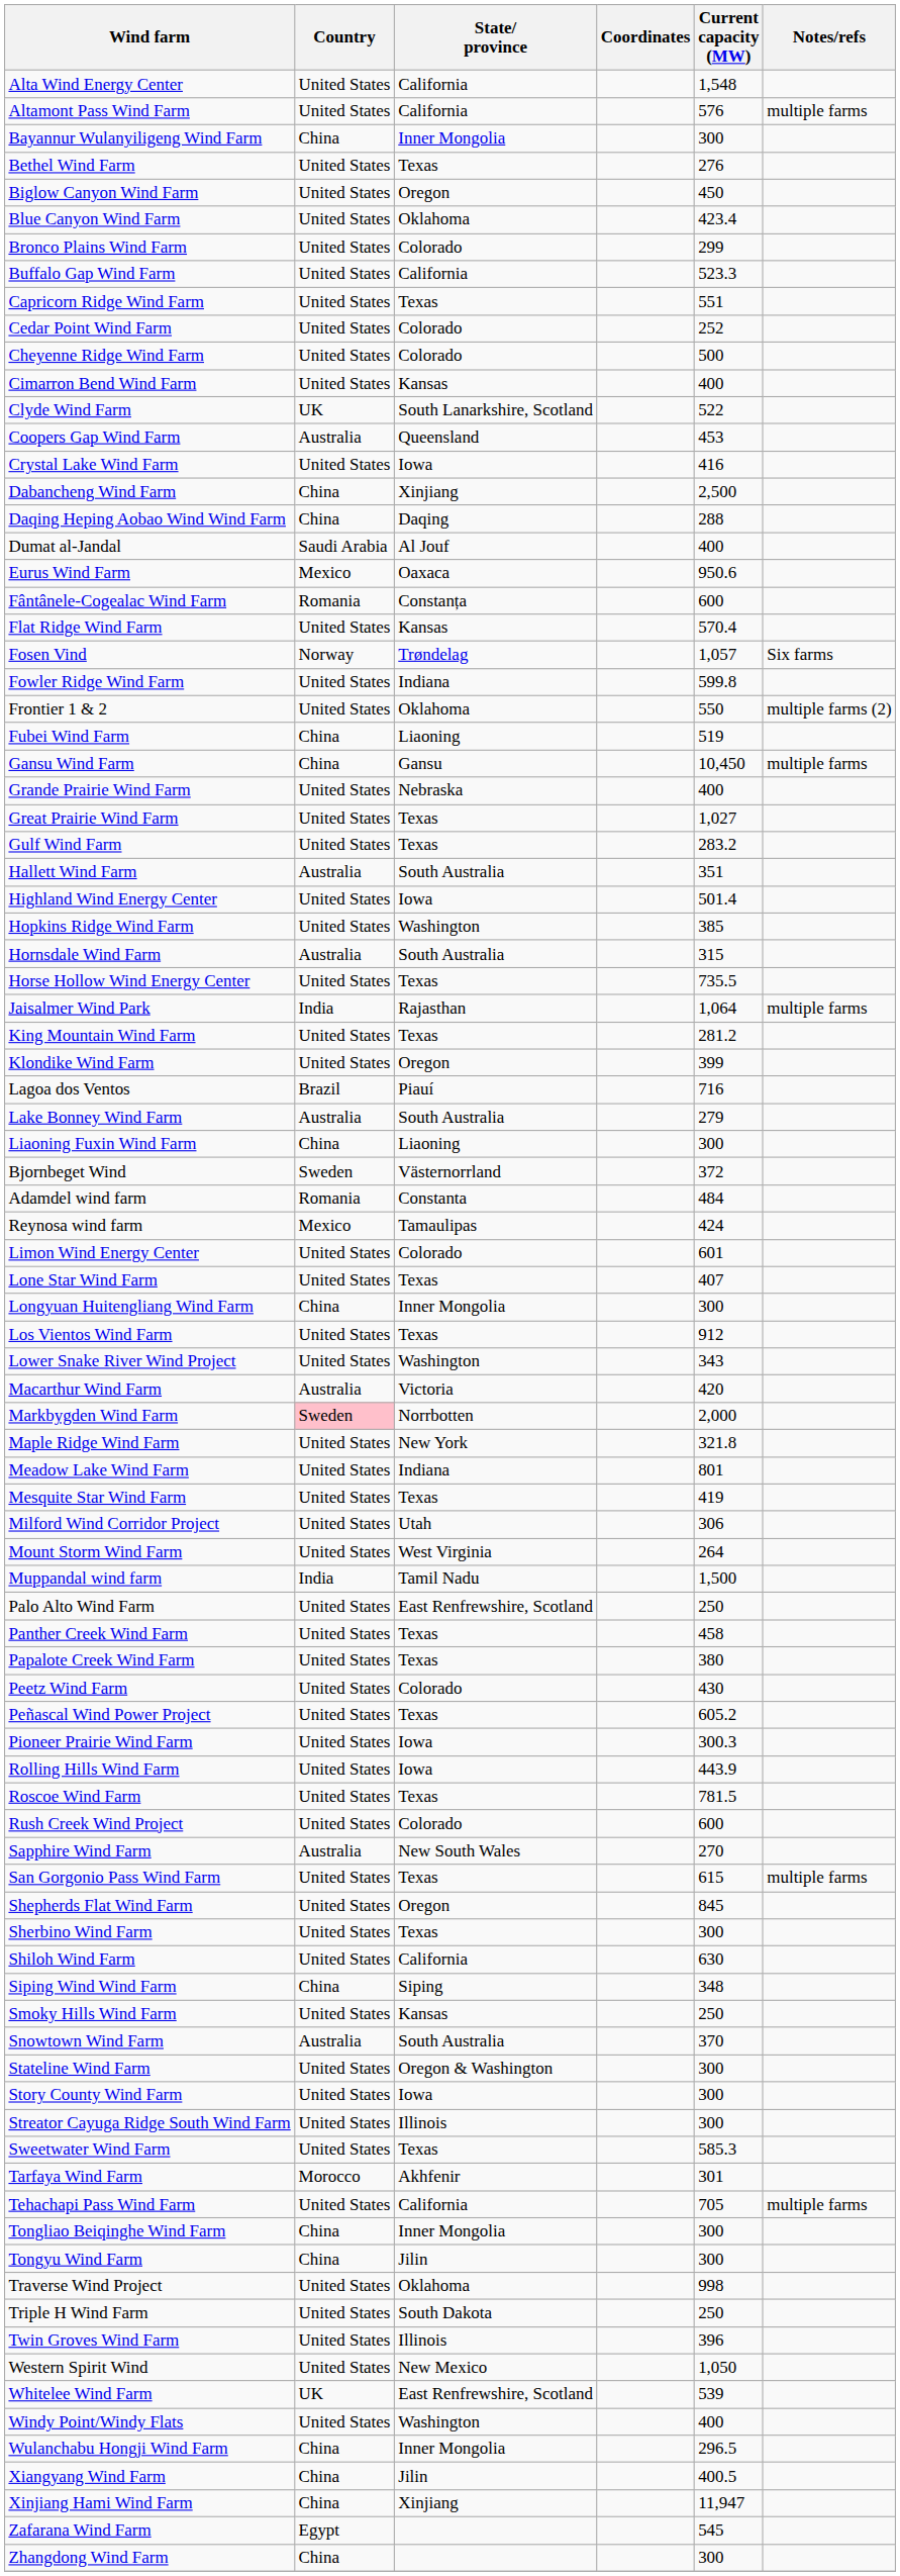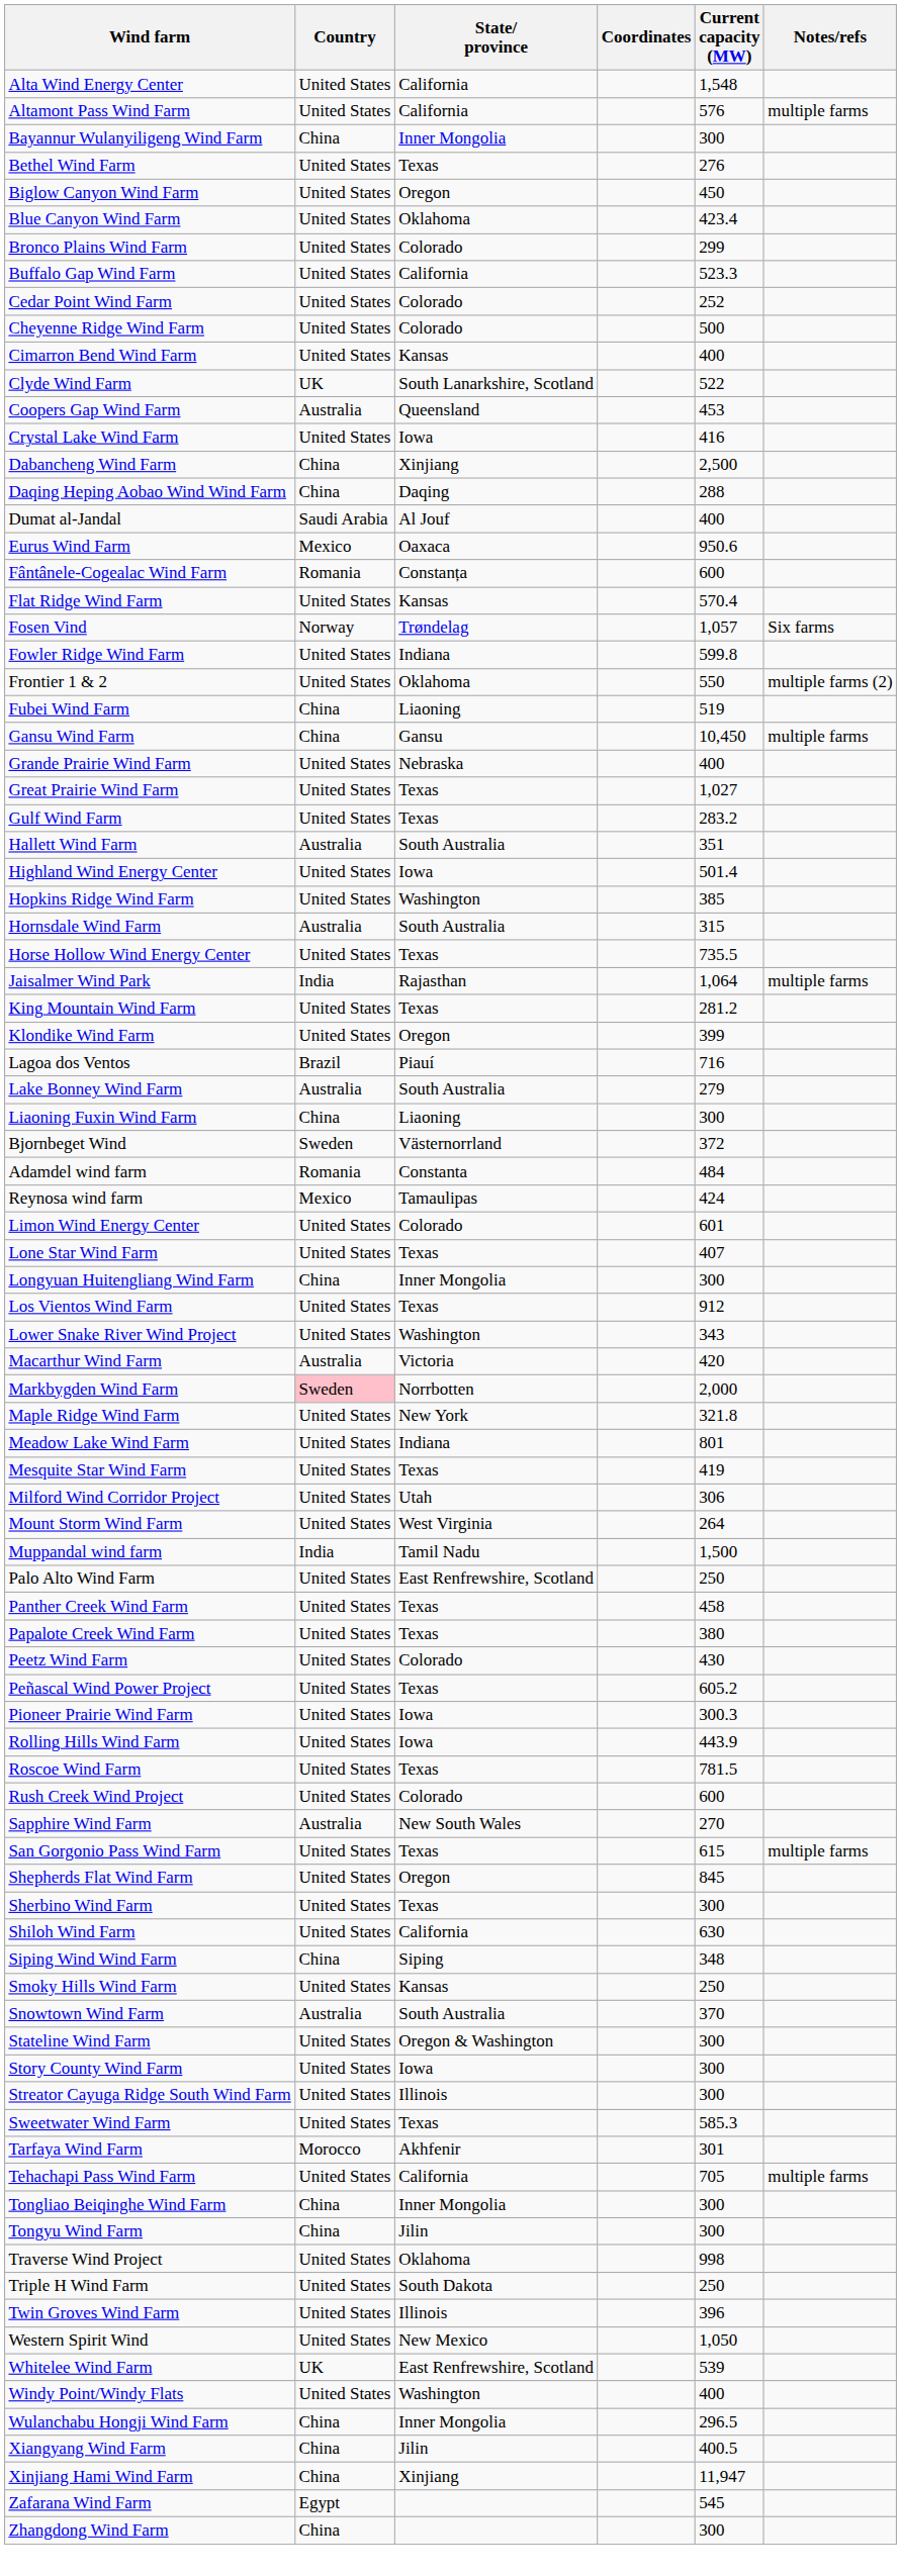 <table class="wikitable sortable">
 <tr>
 <th>Wind farm</th>
 <th>Country</th>
 <th>State/ <br> province</th>
 <th>Coordinates</th>
 <th data-sort-type="number">Current<br> capacity <br> (<a href='#'>MW</a>)</th>
 <th>Notes/refs<br> </th>
 </tr>
 <tr>
 <td><a href='#'>Alta Wind Energy Center</a></td>
 <td>United States</td>
 <td>California</td>
 <td></td>
 <td>1,548</td>
 <td></td>
 </tr>
 <tr>
 <td><a href='#'>Altamont Pass Wind Farm</a></td>
 <td>United States</td>
 <td>California</td>
 <td></td>
 <td>576</td>
 <td>multiple farms</td>
 </tr>
 <tr>
 <td><a href='#'>Bayannur Wulanyiligeng Wind Farm</a></td>
 <td>China</td>
 <td><a href='#'>Inner Mongolia</a></td>
 <td></td>
 <td>300</td>
 <td></td>
 </tr>
 <tr>
 <td><a href='#'>Bethel Wind Farm</a></td>
 <td>United States</td>
 <td>Texas</td>
 <td></td>
 <td>276</td>
 <td></td>
 </tr>
 <tr>
 <td><a href='#'>Biglow Canyon Wind Farm</a></td>
 <td>United States</td>
 <td>Oregon</td>
 <td></td>
 <td>450</td>
 <td></td>
 </tr>
 <tr>
 <td><a href='#'>Blue Canyon Wind Farm</a></td>
 <td>United States</td>
 <td>Oklahoma</td>
 <td></td>
 <td>423.4</td>
 <td></td>
 </tr>
 <tr>
 <td><a href='#'>Bronco Plains Wind Farm</a></td>
 <td>United States</td>
 <td>Colorado</td>
 <td></td>
 <td>299</td>
 <td></td>
 </tr>
 <tr>
 <td><a href='#'>Buffalo Gap Wind Farm</a></td>
 <td>United States</td>
 <td>California</td>
 <td></td>
 <td>523.3</td>
-<td></td>
-</tr>
-<tr>
-<td><a href='#'>Capricorn Ridge Wind Farm</a></td>
-<td>United States</td>
-<td>Texas</td>
-<td></td>
-<td>551</td>
 <td></td>
 </tr>
 <tr>
 <td><a href='#'>Cedar Point Wind Farm</a></td>
 <td>United States</td>
 <td>Colorado</td>
 <td></td>
 <td>252</td>
 <td></td>
 </tr>
 <tr>
 <td><a href='#'>Cheyenne Ridge Wind Farm</a></td>
 <td>United States</td>
 <td>Colorado</td>
 <td></td>
 <td>500</td>
 <td></td>
 </tr>
 <tr>
 <td><a href='#'>Cimarron Bend Wind Farm</a></td>
 <td>United States</td>
 <td>Kansas</td>
 <td></td>
 <td>400</td>
 <td></td>
 </tr>
 <tr>
 <td><a href='#'>Clyde Wind Farm</a></td>
 <td>UK</td>
 <td>South Lanarkshire, Scotland</td>
 <td></td>
 <td>522</td>
 <td></td>
 </tr>
 <tr>
 <td><a href='#'>Coopers Gap Wind Farm</a></td>
 <td>Australia</td>
 <td>Queensland</td>
 <td></td>
 <td>453</td>
 <td></td>
 </tr>
 <tr>
 <td><a href='#'>Crystal Lake Wind Farm</a></td>
 <td>United States</td>
 <td>Iowa</td>
 <td></td>
 <td>416</td>
 <td></td>
 </tr>
 <tr>
 <td><a href='#'>Dabancheng Wind Farm</a></td>
 <td>China</td>
 <td>Xinjiang</td>
 <td></td>
 <td>2,500</td>
 <td></td>
 </tr>
 <tr>
 <td><a href='#'>Daqing Heping Aobao Wind Wind Farm</a></td>
 <td>China</td>
 <td>Daqing</td>
 <td></td>
 <td>288</td>
 <td></td>
 </tr>
 <tr>
 <td>Dumat al-Jandal</td>
 <td>Saudi Arabia</td>
 <td>Al Jouf</td>
 <td></td>
 <td>400</td>
 <td></td>
 </tr>
 <tr>
 <td><a href='#'>Eurus Wind Farm</a></td>
 <td>Mexico</td>
 <td>Oaxaca</td>
 <td></td>
 <td>950.6</td>
 <td></td>
 </tr>
 <tr>
 <td><a href='#'>Fântânele-Cogealac Wind Farm</a></td>
 <td>Romania</td>
 <td>Constanța</td>
 <td></td>
 <td>600</td>
 <td></td>
 </tr>
 <tr>
 <td><a href='#'>Flat Ridge Wind Farm</a></td>
 <td>United States</td>
 <td>Kansas</td>
 <td></td>
 <td>570.4</td>
 <td></td>
 </tr>
 <tr>
 <td><a href='#'>Fosen Vind</a></td>
 <td>Norway</td>
 <td><a href='#'>Trøndelag</a></td>
 <td></td>
 <td>1,057</td>
 <td>Six farms</td>
 </tr>
 <tr>
 <td><a href='#'>Fowler Ridge Wind Farm</a></td>
 <td>United States</td>
 <td>Indiana</td>
 <td></td>
 <td>599.8</td>
 <td></td>
 </tr>
 <tr>
 <td>Frontier 1 & 2</td>
 <td>United States</td>
 <td>Oklahoma</td>
 <td></td>
 <td>550</td>
 <td>multiple farms (2)</td>
 </tr>
 <tr>
 <td><a href='#'>Fubei Wind Farm</a></td>
 <td>China</td>
 <td>Liaoning</td>
 <td></td>
 <td>519</td>
 <td><br></td>
 </tr>
 <tr>
 <td><a href='#'>Gansu Wind Farm</a></td>
 <td>China</td>
 <td>Gansu</td>
 <td></td>
 <td>10,450</td>
 <td>multiple farms </td>
 </tr>
 <tr>
 <td><a href='#'>Grande Prairie Wind Farm</a></td>
 <td>United States</td>
 <td>Nebraska</td>
 <td></td>
 <td>400</td>
 <td></td>
 </tr>
 <tr>
 <td><a href='#'>Great Prairie Wind Farm</a></td>
 <td>United States</td>
 <td>Texas</td>
 <td></td>
 <td>1,027</td>
 <td></td>
 </tr>
 <tr>
 <td><a href='#'>Gulf Wind Farm</a></td>
 <td>United States</td>
 <td>Texas</td>
 <td></td>
 <td>283.2</td>
 <td></td>
 </tr>
 <tr>
 <td><a href='#'>Hallett Wind Farm</a></td>
 <td>Australia</td>
 <td>South Australia</td>
 <td></td>
 <td>351</td>
 <td></td>
 </tr>
 <tr>
 <td><a href='#'>Highland Wind Energy Center</a></td>
 <td>United States</td>
 <td>Iowa</td>
 <td></td>
 <td>501.4</td>
 <td></td>
 </tr>
 <tr>
 <td><a href='#'>Hopkins Ridge Wind Farm</a></td>
 <td>United States</td>
 <td>Washington</td>
 <td></td>
 <td>385</td>
 <td></td>
 </tr>
 <tr>
 <td><a href='#'>Hornsdale Wind Farm</a></td>
 <td>Australia</td>
 <td>South Australia</td>
 <td></td>
 <td>315</td>
 <td></td>
 </tr>
 <tr>
 <td><a href='#'>Horse Hollow Wind Energy Center</a></td>
 <td>United States</td>
 <td>Texas</td>
 <td></td>
 <td>735.5</td>
 <td></td>
 </tr>
 <tr>
 <td><a href='#'>Jaisalmer Wind Park</a></td>
 <td>India</td>
 <td>Rajasthan</td>
 <td></td>
 <td>1,064</td>
 <td>multiple farms</td>
 </tr>
 <tr>
 <td><a href='#'>King Mountain Wind Farm</a></td>
 <td>United States</td>
 <td>Texas</td>
 <td></td>
 <td>281.2</td>
 <td></td>
 </tr>
 <tr>
 <td><a href='#'>Klondike Wind Farm</a></td>
 <td>United States</td>
 <td>Oregon</td>
 <td></td>
 <td>399</td>
 <td></td>
 </tr>
 <tr>
 <td>Lagoa dos Ventos</td>
 <td>Brazil</td>
 <td>Piauí</td>
 <td></td>
 <td>716</td>
 <td></td>
 </tr>
 <tr>
 <td><a href='#'>Lake Bonney Wind Farm</a></td>
 <td>Australia</td>
 <td>South Australia</td>
 <td></td>
 <td>279</td>
 <td></td>
 </tr>
 <tr>
 <td><a href='#'>Liaoning Fuxin Wind Farm</a></td>
 <td>China</td>
 <td>Liaoning</td>
 <td></td>
 <td>300</td>
 <td></td>
 </tr>
 <tr>
 <td>Bjornbeget Wind</td>
 <td>Sweden</td>
 <td>Västernorrland</td>
 <td></td>
 <td>372</td>
 <td></td>
 </tr>
 <tr>
 <td>Adamdel wind farm</td>
 <td>Romania</td>
 <td>Constanta</td>
 <td></td>
 <td>484</td>
 <td></td>
 </tr>
 <tr>
 <td>Reynosa wind farm</td>
 <td>Mexico</td>
 <td>Tamaulipas</td>
 <td></td>
 <td>424</td>
 <td></td>
 </tr>
 <tr>
 <td><a href='#'>Limon Wind Energy Center</a></td>
 <td>United States</td>
 <td>Colorado</td>
 <td></td>
 <td>601</td>
 <td></td>
 </tr>
 <tr>
 <td><a href='#'>Lone Star Wind Farm</a></td>
 <td>United States</td>
 <td>Texas</td>
 <td></td>
 <td>407</td>
 <td></td>
 </tr>
 <tr>
 <td><a href='#'>Longyuan Huitengliang Wind Farm</a></td>
 <td>China</td>
 <td>Inner Mongolia</td>
 <td></td>
 <td>300</td>
 <td></td>
 </tr>
 <tr>
 <td><a href='#'>Los Vientos Wind Farm</a></td>
 <td>United States</td>
 <td>Texas</td>
 <td></td>
 <td>912</td>
 <td></td>
 </tr>
 <tr>
 <td><a href='#'>Lower Snake River Wind Project</a></td>
 <td>United States</td>
 <td>Washington</td>
 <td></td>
 <td>343</td>
 <td></td>
 </tr>
 <tr>
 <td><a href='#'>Macarthur Wind Farm</a></td>
 <td>Australia</td>
 <td>Victoria</td>
 <td></td>
 <td>420</td>
 <td></td>
 </tr>
 <tr>
 <td><a href='#'>Markbygden Wind Farm</a></td>
 <td style="background: pink;">Sweden</td>
 <td>Norrbotten</td>
 <td></td>
 <td>2,000</td>
 <td></td>
 </tr>
 <tr>
 <td><a href='#'>Maple Ridge Wind Farm</a></td>
 <td>United States</td>
 <td>New York</td>
 <td></td>
 <td>321.8</td>
 <td></td>
 </tr>
 <tr>
 <td><a href='#'>Meadow Lake Wind Farm</a></td>
 <td>United States</td>
 <td>Indiana</td>
 <td></td>
 <td>801</td>
 <td></td>
 </tr>
 <tr>
 <td><a href='#'>Mesquite Star Wind Farm</a></td>
 <td>United States</td>
 <td>Texas</td>
 <td></td>
 <td>419</td>
 <td></td>
 </tr>
 <tr>
 <td><a href='#'>Milford Wind Corridor Project</a></td>
 <td>United States</td>
 <td>Utah</td>
 <td></td>
 <td>306</td>
 <td></td>
 </tr>
 <tr>
 <td><a href='#'>Mount Storm Wind Farm</a></td>
 <td>United States</td>
 <td>West Virginia</td>
 <td></td>
 <td>264</td>
 <td></td>
 </tr>
 <tr>
 <td><a href='#'>Muppandal wind farm</a></td>
 <td>India</td>
 <td>Tamil Nadu</td>
 <td></td>
 <td>1,500</td>
 <td></td>
 </tr>
 <tr>
 <td>Palo Alto Wind Farm</td>
 <td>United States</td>
 <td>East Renfrewshire, Scotland</td>
 <td></td>
 <td>250</td>
 <td></td>
 </tr>
 <tr>
 <td><a href='#'>Panther Creek Wind Farm</a></td>
 <td>United States</td>
 <td>Texas</td>
 <td></td>
 <td>458</td>
 <td></td>
 </tr>
 <tr>
 <td><a href='#'>Papalote Creek Wind Farm</a></td>
 <td>United States</td>
 <td>Texas</td>
 <td></td>
 <td>380</td>
 <td></td>
 </tr>
 <tr>
 <td><a href='#'>Peetz Wind Farm</a></td>
 <td>United States</td>
 <td>Colorado</td>
 <td></td>
 <td>430</td>
 <td></td>
 </tr>
 <tr>
 <td><a href='#'>Peñascal Wind Power Project</a></td>
 <td>United States</td>
 <td>Texas</td>
 <td></td>
 <td>605.2</td>
 <td></td>
 </tr>
 <tr>
 <td><a href='#'>Pioneer Prairie Wind Farm</a></td>
 <td>United States</td>
 <td>Iowa</td>
 <td></td>
 <td>300.3</td>
 <td></td>
 </tr>
 <tr>
 <td><a href='#'>Rolling Hills Wind Farm</a></td>
 <td>United States</td>
 <td>Iowa</td>
 <td></td>
 <td>443.9</td>
 <td></td>
 </tr>
 <tr>
 <td><a href='#'>Roscoe Wind Farm</a></td>
 <td>United States</td>
 <td>Texas</td>
 <td></td>
 <td>781.5</td>
 <td></td>
 </tr>
 <tr>
 <td><a href='#'>Rush Creek Wind Project</a></td>
 <td>United States</td>
 <td>Colorado</td>
 <td></td>
 <td>600</td>
 <td></td>
 </tr>
 <tr>
 <td><a href='#'>Sapphire Wind Farm</a></td>
 <td>Australia</td>
 <td>New South Wales</td>
 <td></td>
 <td>270</td>
 <td></td>
 </tr>
 <tr>
 <td><a href='#'>San Gorgonio Pass Wind Farm</a></td>
 <td>United States</td>
 <td>Texas</td>
 <td></td>
 <td>615</td>
 <td>multiple farms</td>
 </tr>
 <tr>
 <td><a href='#'>Shepherds Flat Wind Farm</a></td>
 <td>United States</td>
 <td>Oregon</td>
 <td></td>
 <td>845</td>
 <td></td>
 </tr>
 <tr>
 <td><a href='#'>Sherbino Wind Farm</a></td>
 <td>United States</td>
 <td>Texas</td>
 <td></td>
 <td>300</td>
 <td></td>
 </tr>
 <tr>
 <td><a href='#'>Shiloh Wind Farm</a></td>
 <td>United States</td>
 <td>California</td>
 <td></td>
 <td>630</td>
 <td></td>
 </tr>
 <tr>
 <td><a href='#'>Siping Wind Wind Farm</a></td>
 <td>China</td>
 <td>Siping</td>
 <td></td>
 <td>348</td>
 <td></td>
 </tr>
 <tr>
 <td><a href='#'>Smoky Hills Wind Farm</a></td>
 <td>United States</td>
 <td>Kansas</td>
 <td></td>
 <td>250</td>
 <td></td>
 </tr>
 <tr>
 <td><a href='#'>Snowtown Wind Farm</a></td>
 <td>Australia</td>
 <td>South Australia</td>
 <td></td>
 <td>370</td>
 <td></td>
 </tr>
 <tr>
 <td><a href='#'>Stateline Wind Farm</a></td>
 <td>United States</td>
 <td>Oregon & Washington</td>
 <td></td>
 <td>300</td>
 <td></td>
 </tr>
 <tr>
 <td><a href='#'>Story County Wind Farm</a></td>
 <td>United States</td>
 <td>Iowa</td>
 <td></td>
 <td>300</td>
 <td></td>
 </tr>
 <tr>
 <td><a href='#'>Streator Cayuga Ridge South Wind Farm</a></td>
 <td>United States</td>
 <td>Illinois</td>
 <td></td>
 <td>300</td>
 <td></td>
 </tr>
 <tr>
 <td><a href='#'>Sweetwater Wind Farm</a></td>
 <td>United States</td>
 <td>Texas</td>
 <td></td>
 <td>585.3</td>
 <td></td>
 </tr>
 <tr>
 <td><a href='#'>Tarfaya Wind Farm</a></td>
 <td>Morocco</td>
 <td>Akhfenir</td>
 <td></td>
 <td>301</td>
 <td></td>
 </tr>
 <tr>
 <td><a href='#'>Tehachapi Pass Wind Farm</a></td>
 <td>United States</td>
 <td>California</td>
 <td></td>
 <td>705</td>
 <td>multiple farms</td>
 </tr>
 <tr>
 <td><a href='#'>Tongliao Beiqinghe Wind Farm</a></td>
 <td>China</td>
 <td>Inner Mongolia</td>
 <td></td>
 <td>300</td>
 <td><br> </td>
 </tr>
 <tr>
 <td><a href='#'>Tongyu Wind Farm</a></td>
 <td>China</td>
 <td>Jilin</td>
 <td></td>
 <td>300</td>
 <td></td>
 </tr>
 <tr>
 <td>Traverse Wind Project</td>
 <td>United States</td>
 <td>Oklahoma</td>
 <td></td>
 <td>998</td>
 <td></td>
 </tr>
 <tr>
 <td>Triple H Wind Farm</td>
 <td>United States</td>
 <td>South Dakota</td>
 <td></td>
 <td>250</td>
 <td></td>
 </tr>
 <tr>
 <td><a href='#'>Twin Groves Wind Farm</a></td>
 <td>United States</td>
 <td>Illinois</td>
 <td></td>
 <td>396</td>
 <td></td>
 </tr>
 <tr>
 <td>Western Spirit Wind</td>
 <td>United States</td>
 <td>New Mexico</td>
 <td></td>
 <td>1,050</td>
 <td></td>
 </tr>
 <tr>
 <td><a href='#'>Whitelee Wind Farm</a></td>
 <td>UK</td>
 <td>East Renfrewshire, Scotland</td>
 <td></td>
 <td>539</td>
 <td></td>
 </tr>
 <tr>
 <td><a href='#'>Windy Point/Windy Flats</a></td>
 <td>United States</td>
 <td>Washington</td>
 <td></td>
 <td>400</td>
 <td></td>
 </tr>
 <tr>
 <td><a href='#'>Wulanchabu Hongji Wind Farm</a></td>
 <td>China</td>
 <td>Inner Mongolia</td>
 <td></td>
 <td>296.5</td>
 <td></td>
 </tr>
 <tr>
 <td><a href='#'>Xiangyang Wind Farm</a></td>
 <td>China</td>
 <td>Jilin</td>
 <td></td>
 <td>400.5</td>
 <td><br></td>
 </tr>
 <tr>
 <td><a href='#'>Xinjiang Hami Wind Farm</a></td>
 <td>China</td>
 <td>Xinjiang</td>
 <td></td>
 <td>11,947</td>
 <td></td>
 </tr>
 <tr>
 <td><a href='#'>Zafarana Wind Farm</a></td>
 <td>Egypt</td>
 <td></td>
 <td></td>
 <td>545</td>
 <td></td>
 </tr>
 <tr>
 <td><a href='#'>Zhangdong Wind Farm</a></td>
 <td>China</td>
 <td></td>
 <td></td>
 <td>300</td>
 <td></td>
 </tr>
 <tr>
 </tr>
 </table>
